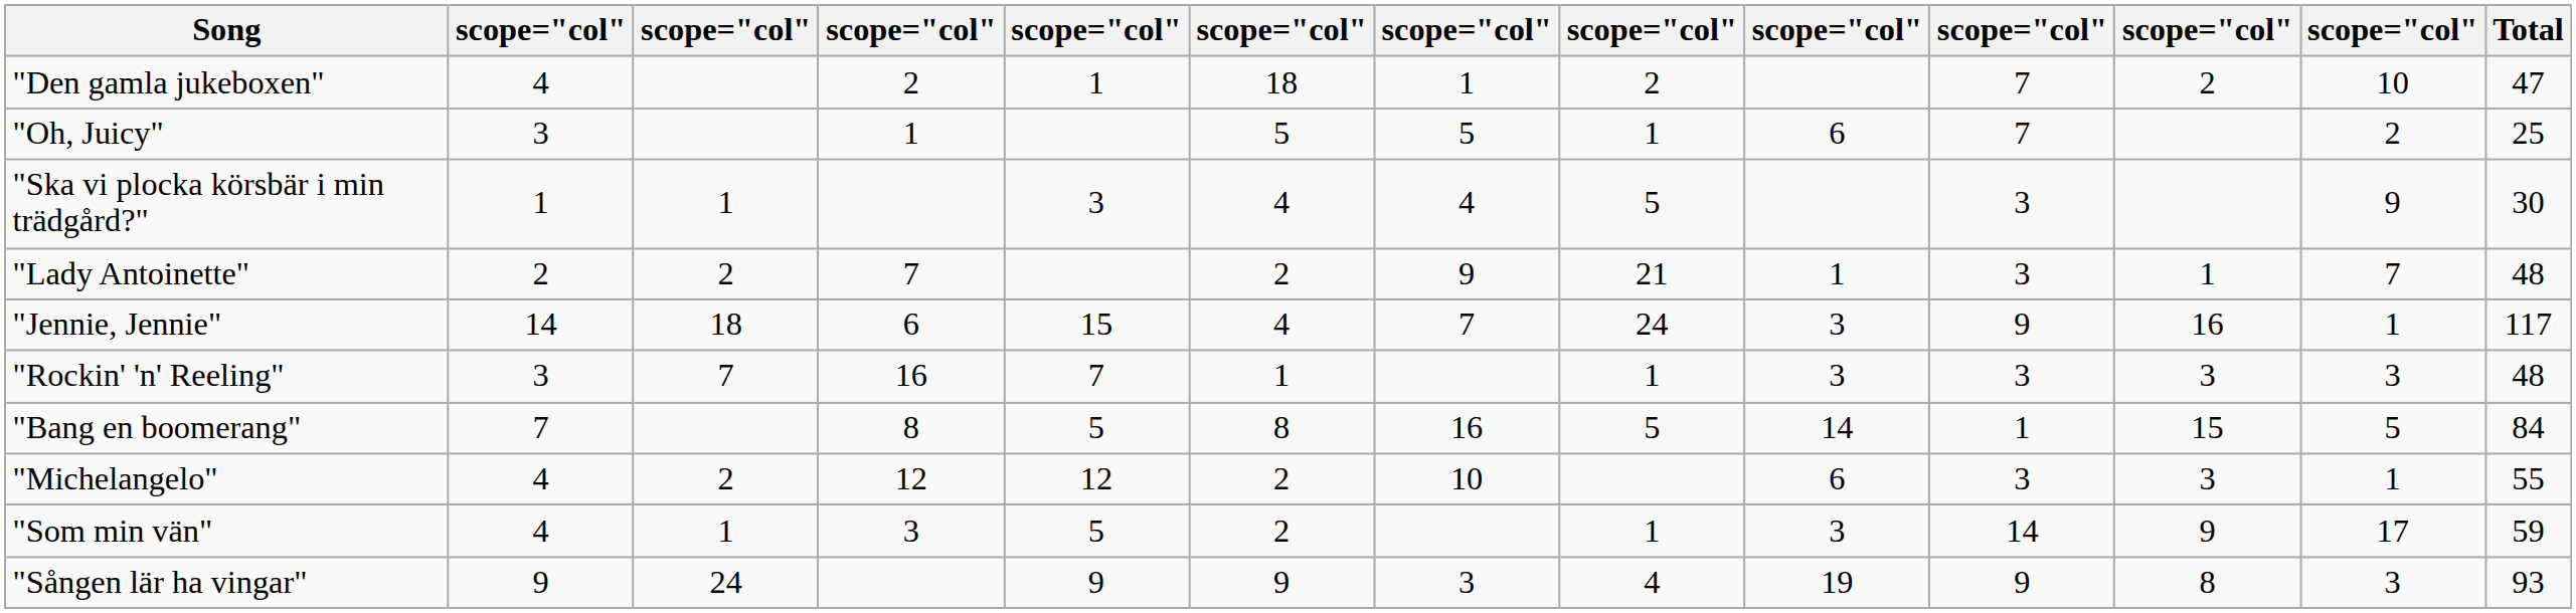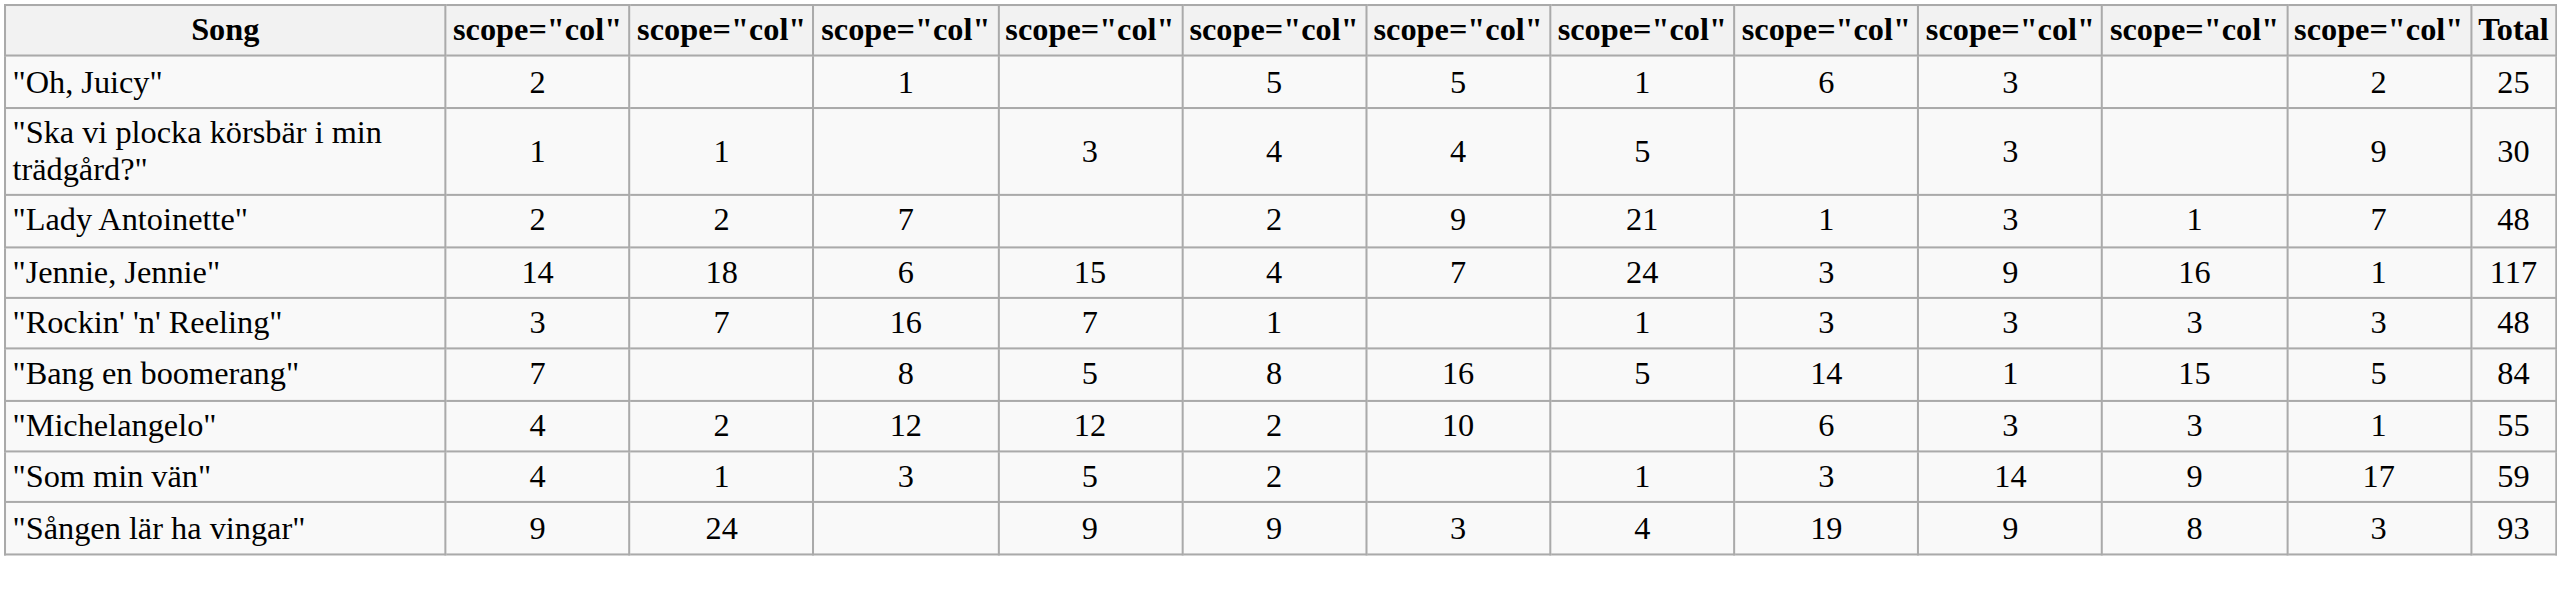 <table class="wikitable plainrowheaders" style="margin: 1em auto 1em auto; text-align:center;">
 <tr>
 <th scope="col">Song</th>
 <th>scope="col" </th>
 <th>scope="col" </th>
 <th>scope="col" </th>
 <th>scope="col" </th>
 <th>scope="col" </th>
 <th>scope="col" </th>
 <th>scope="col" </th>
 <th>scope="col" </th>
 <th>scope="col" </th>
 <th>scope="col" </th>
 <th>scope="col" </th>
 <th scope="col">Total</th>
 </tr>
 <tr --->
-<td align="left">"Den gamla jukeboxen"</td>
-<td>4</td>
-<td></td>
+<td align="left">"Oh, Juicy"</td>
 <td>2</td>
-<td>1</td>
-<td>18</td>
-<td>1</td>
-<td>2</td>
-<td></td>
-<td>7</td>
-<td>2</td>
-<td>10</td>
-<td>47</td>
-</tr>
-<tr --->
-<td align="left">"Oh, Juicy"</td>
-<td>3</td>
 <td></td>
 <td>1</td>
 <td></td>
 <td>5</td>
 <td>5</td>
 <td>1</td>
 <td>6</td>
-<td>7</td>
+<td>3</td>
 <td></td>
 <td>2</td>
 <td>25</td>
 </tr>
 <tr --->
 <td align="left">"Ska vi plocka körsbär i min trädgård?"</td>
 <td>1</td>
 <td>1</td>
 <td></td>
 <td>3</td>
 <td>4</td>
 <td>4</td>
 <td>5</td>
 <td></td>
 <td>3</td>
 <td></td>
 <td>9</td>
 <td>30</td>
 </tr>
 <tr --->
 <td align="left">"Lady Antoinette"</td>
 <td>2</td>
 <td>2</td>
 <td>7</td>
 <td></td>
 <td>2</td>
 <td>9</td>
 <td>21</td>
 <td>1</td>
 <td>3</td>
 <td>1</td>
 <td>7</td>
 <td>48</td>
 </tr>
 <tr --->
 <td align="left">"Jennie, Jennie"</td>
 <td>14</td>
 <td>18</td>
 <td>6</td>
 <td>15</td>
 <td>4</td>
 <td>7</td>
 <td>24</td>
 <td>3</td>
 <td>9</td>
 <td>16</td>
 <td>1</td>
 <td>117</td>
 </tr>
 <tr --->
 <td align="left">"Rockin' 'n' Reeling"</td>
 <td>3</td>
 <td>7</td>
 <td>16</td>
 <td>7</td>
 <td>1</td>
 <td></td>
 <td>1</td>
 <td>3</td>
 <td>3</td>
 <td>3</td>
 <td>3</td>
 <td>48</td>
 </tr>
 <tr --->
 <td align="left">"Bang en boomerang"</td>
 <td>7</td>
 <td></td>
 <td>8</td>
 <td>5</td>
 <td>8</td>
 <td>16</td>
 <td>5</td>
 <td>14</td>
 <td>1</td>
 <td>15</td>
 <td>5</td>
 <td>84</td>
 </tr>
 <tr --->
 <td align="left">"Michelangelo"</td>
 <td>4</td>
 <td>2</td>
 <td>12</td>
 <td>12</td>
 <td>2</td>
 <td>10</td>
 <td></td>
 <td>6</td>
 <td>3</td>
 <td>3</td>
 <td>1</td>
 <td>55</td>
 </tr>
 <tr --->
 <td align="left">"Som min vän"</td>
 <td>4</td>
 <td>1</td>
 <td>3</td>
 <td>5</td>
 <td>2</td>
 <td></td>
 <td>1</td>
 <td>3</td>
 <td>14</td>
 <td>9</td>
 <td>17</td>
 <td>59</td>
 </tr>
 <tr --->
 <td align="left">"Sången lär ha vingar"</td>
 <td>9</td>
 <td>24</td>
 <td></td>
 <td>9</td>
 <td>9</td>
 <td>3</td>
 <td>4</td>
 <td>19</td>
 <td>9</td>
 <td>8</td>
 <td>3</td>
 <td>93</td>
 </tr>
 </table>
